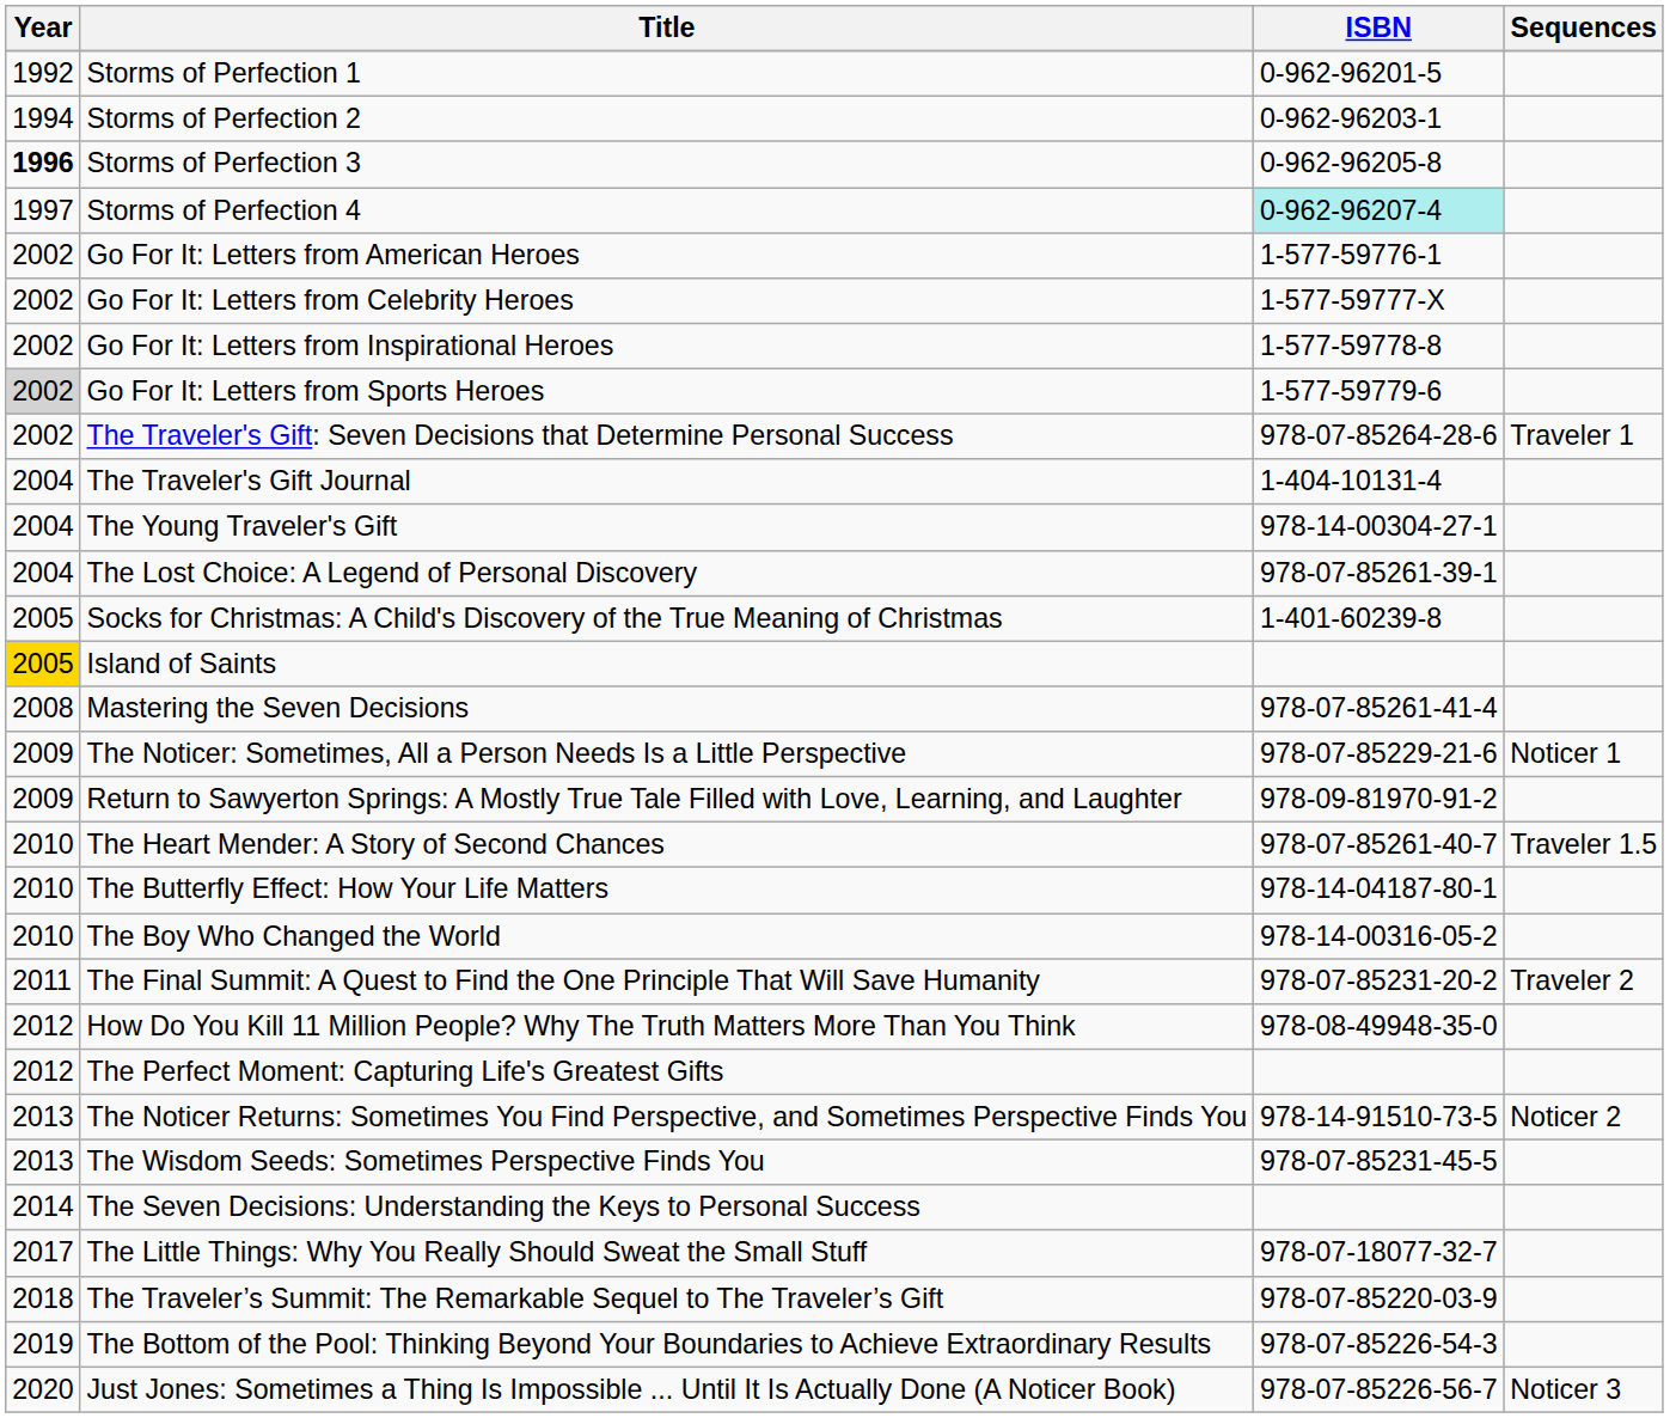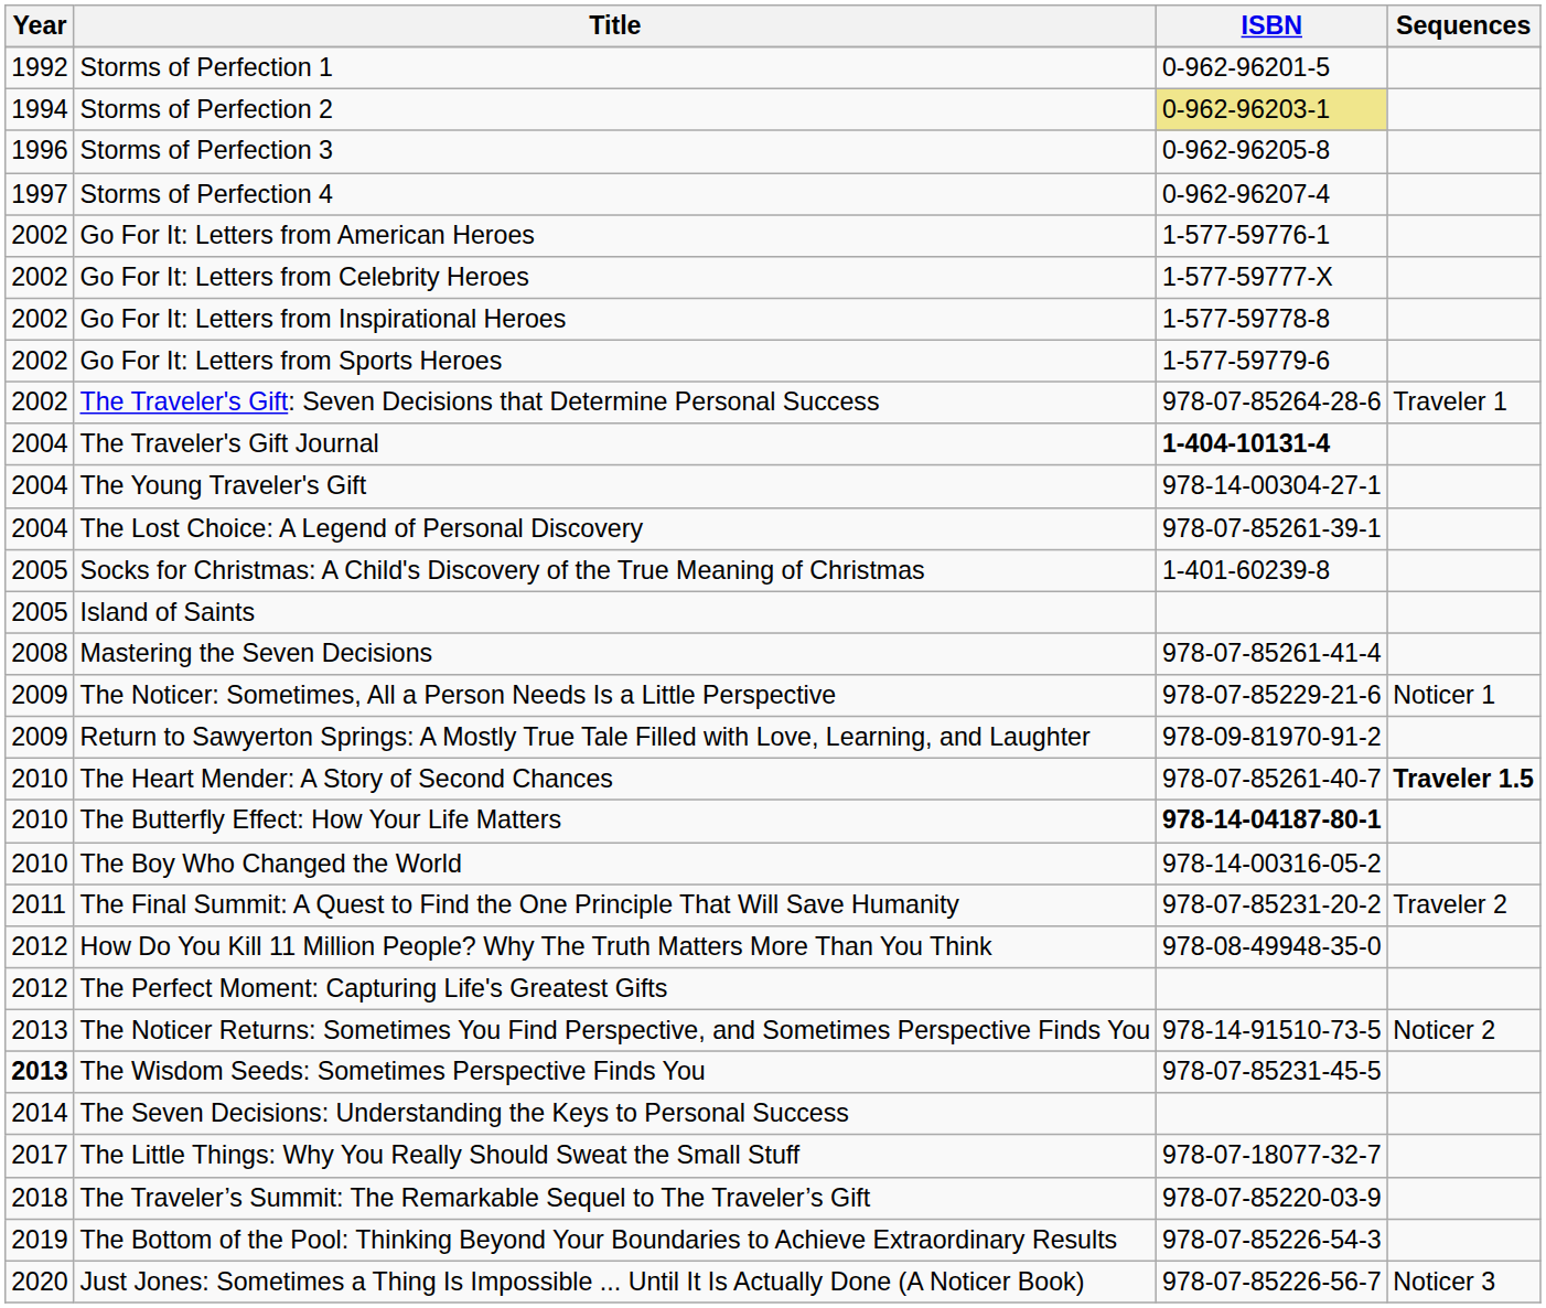 <table class="wikitable sortable" border="2" style="text-align:left;font-size:96%">
 <tr>
 <th>Year</th>
 <th>Title</th>
 <th><a href='#'>ISBN</a></th>
 <th>Sequences</th>
 </tr>
 <tr>
 </tr>
 <tr>
 <td>1992</td>
 <td>Storms of Perfection 1</td>
 <td>0-962-96201-5</td>
 <td></td>
 </tr>
 <tr>
 <td>1994</td>
 <td>Storms of Perfection 2</td>
-<td>0-962-96203-1</td>
+<td style="background: khaki;">0-962-96203-1</td>
 <td></td>
 </tr>
 <tr>
-<td><strong>1996</strong></td>
+<td>1996</td>
 <td>Storms of Perfection 3</td>
 <td>0-962-96205-8</td>
 <td></td>
 </tr>
 <tr>
 <td>1997</td>
 <td>Storms of Perfection 4</td>
-<td style="background: paleturquoise;">0-962-96207-4</td>
+<td>0-962-96207-4</td>
 <td></td>
 </tr>
 <tr>
 <td>2002</td>
 <td>Go For It: Letters from American Heroes</td>
 <td>1-577-59776-1</td>
 <td></td>
 </tr>
 <tr>
 <td>2002</td>
 <td>Go For It: Letters from Celebrity Heroes</td>
 <td>1-577-59777-X</td>
 <td></td>
 </tr>
 <tr>
 <td>2002</td>
 <td>Go For It: Letters from Inspirational Heroes</td>
 <td>1-577-59778-8</td>
 </tr>
 <tr>
-<td style="background: lightgrey;">2002</td>
+<td>2002</td>
 <td>Go For It: Letters from Sports Heroes</td>
 <td>1-577-59779-6</td>
 <td></td>
 </tr>
 <tr>
 <td>2002</td>
 <td><a href='#'>The Traveler's Gift</a>: Seven Decisions that Determine Personal Success</td>
 <td>978-07-85264-28-6</td>
 <td>Traveler 1</td>
 </tr>
 <tr>
 <td>2004</td>
 <td>The Traveler's Gift Journal</td>
-<td>1-404-10131-4</td>
+<td><strong>1-404-10131-4</strong></td>
 <td></td>
 </tr>
 <tr>
 <td>2004</td>
 <td>The Young Traveler's Gift</td>
 <td>978-14-00304-27-1</td>
 <td></td>
 </tr>
 <tr>
 <td>2004</td>
 <td>The Lost Choice: A Legend of Personal Discovery</td>
 <td>978-07-85261-39-1</td>
 <td></td>
 </tr>
 <tr>
 <td>2005</td>
 <td>Socks for Christmas: A Child's Discovery of the True Meaning of Christmas</td>
 <td>1-401-60239-8</td>
 <td></td>
 </tr>
 <tr>
-<td style="background: gold;">2005</td>
+<td>2005</td>
 <td>Island of Saints</td>
 <td></td>
 <td></td>
 </tr>
 <tr>
 <td>2008</td>
 <td>Mastering the Seven Decisions</td>
 <td>978-07-85261-41-4</td>
 <td></td>
 </tr>
 <tr>
 <td>2009</td>
 <td>The Noticer: Sometimes, All a Person Needs Is a Little Perspective</td>
 <td>978-07-85229-21-6</td>
 <td>Noticer 1</td>
 </tr>
 <tr>
 <td>2009</td>
 <td>Return to Sawyerton Springs: A Mostly True Tale Filled with Love, Learning, and Laughter</td>
 <td>978-09-81970-91-2</td>
 <td></td>
 </tr>
 <tr>
 <td>2010</td>
 <td>The Heart Mender: A Story of Second Chances</td>
 <td>978-07-85261-40-7</td>
-<td>Traveler 1.5</td>
+<td><strong>Traveler 1.5</strong></td>
 </tr>
 <tr>
 <td>2010</td>
 <td>The Butterfly Effect: How Your Life Matters</td>
-<td>978-14-04187-80-1</td>
+<td><strong>978-14-04187-80-1</strong></td>
 <td></td>
 </tr>
 <tr>
 <td>2010</td>
 <td>The Boy Who Changed the World</td>
 <td>978-14-00316-05-2</td>
 <td></td>
 </tr>
 <tr>
 <td>2011</td>
 <td>The Final Summit: A Quest to Find the One Principle That Will Save Humanity</td>
 <td>978-07-85231-20-2</td>
 <td>Traveler 2</td>
 </tr>
 <tr>
 <td>2012</td>
 <td>How Do You Kill 11 Million People? Why The Truth Matters More Than You Think</td>
 <td>978-08-49948-35-0</td>
 <td></td>
 </tr>
 <tr>
 <td>2012</td>
 <td>The Perfect Moment: Capturing Life's Greatest Gifts</td>
 <td></td>
 <td></td>
 </tr>
 <tr>
 <td>2013</td>
 <td>The Noticer Returns: Sometimes You Find Perspective, and Sometimes Perspective Finds You</td>
 <td>978-14-91510-73-5</td>
 <td>Noticer 2</td>
 </tr>
 <tr>
-<td>2013</td>
+<td><strong>2013</strong></td>
 <td>The Wisdom Seeds: Sometimes Perspective Finds You</td>
 <td>978-07-85231-45-5</td>
 <td></td>
 </tr>
 <tr>
 <td>2014</td>
 <td>The Seven Decisions: Understanding the Keys to Personal Success</td>
 <td></td>
 <td></td>
 </tr>
 <tr>
 <td>2017</td>
 <td>The Little Things: Why You Really Should Sweat the Small Stuff</td>
 <td>978-07-18077-32-7</td>
 <td></td>
 </tr>
 <tr>
 <td>2018</td>
 <td>The Traveler’s Summit: The Remarkable Sequel to The Traveler’s Gift</td>
 <td>978-07-85220-03-9</td>
 <td></td>
 </tr>
 <tr>
 <td>2019</td>
 <td>The Bottom of the Pool: Thinking Beyond Your Boundaries to Achieve Extraordinary Results</td>
 <td>978-07-85226-54-3</td>
 <td></td>
 </tr>
 <tr>
 <td>2020</td>
 <td>Just Jones: Sometimes a Thing Is Impossible ... Until It Is Actually Done (A Noticer Book)</td>
 <td>978-07-85226-56-7</td>
 <td>Noticer 3</td>
 </tr>
 </table>
